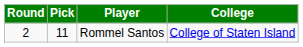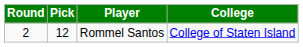 <table class="wikitable sortable sortable">
 <tr>
 <th style="background:#008000; color:#FFFFFF; ">Round</th>
 <th style="background:#008000; color:#FFFFFF; ">Pick</th>
 <th style="background:#008000; color:#FFFFFF; ">Player</th>
 <th style="background:#008000; color:#FFFFFF; ">College</th>
 </tr>
 <tr style="text-align: center">
 <td align="center">2</td>
-<td align="center">11</td>
+<td align="center">12</td>
 <td>Rommel Santos</td>
 <td><a href='#'>College of Staten Island</a></td>
 </tr>
 </table>
